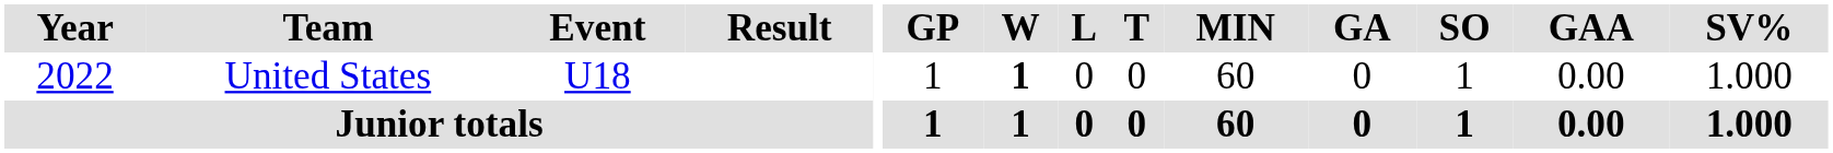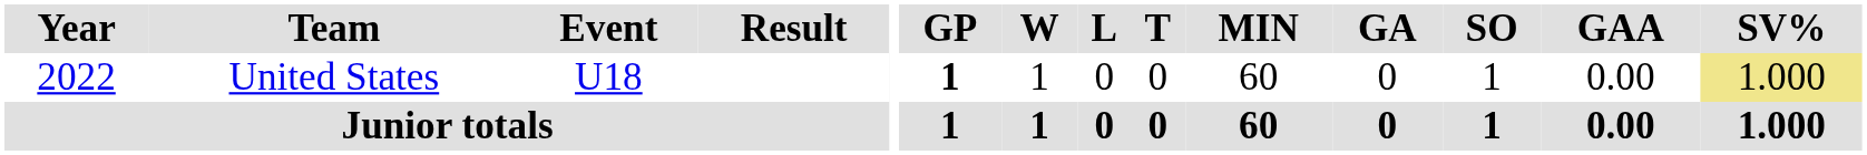 <table border="0" cellpadding="1" cellspacing="0" style="text-align:center; width:60%;">
 <tr bgcolor="#e0e0e0">
 <th>Year</th>
 <th>Team</th>
 <th>Event</th>
 <th>Result</th>
 <th rowspan="99" bgcolor="#ffffff"></th>
 <th>GP</th>
 <th>W</th>
 <th>L</th>
 <th>T</th>
 <th>MIN</th>
 <th>GA</th>
 <th>SO</th>
 <th>GAA</th>
 <th>SV%</th>
 </tr>
 <tr>
 <td><a href='#'>2022</a></td>
 <td><a href='#'>United States</a></td>
 <td><a href='#'>U18</a></td>
 <td></td>
+<td><strong>1</strong></td>
 <td>1</td>
-<td><strong>1</strong></td>
 <td>0</td>
 <td>0</td>
 <td>60</td>
 <td>0</td>
 <td>1</td>
 <td>0.00</td>
-<td>1.000</td>
+<td style="background: khaki;">1.000</td>
 </tr>
 <tr bgcolor="#e0e0e0">
 <th colspan="4">Junior totals</th>
 <th>1</th>
 <th>1</th>
 <th>0</th>
 <th>0</th>
 <th>60</th>
 <th>0</th>
 <th>1</th>
 <th>0.00</th>
 <th>1.000</th>
 </tr>
 </table>
